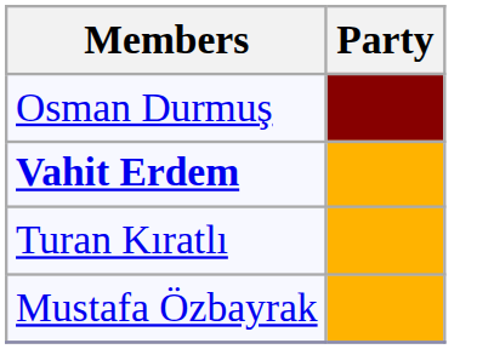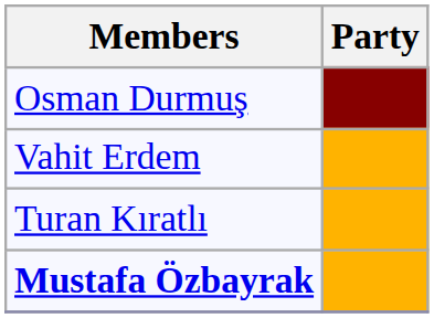 <table class=wikitable style="border:1px solid #8888aa; background-color:#f7f8ff; padding:0px; font-size:90%;">
 <tr>
 <th>Members</th>
 <th colspan="2">Party</th>
 </tr>
 <tr>
 <td><a href='#'>Osman Durmuş</a></td>
 <td style="background: #870000"></td>
 </tr>
 <tr>
-<td><strong><a href='#'>Vahit Erdem</a></strong></td>
+<td><a href='#'>Vahit Erdem</a></td>
 <td style="background: #ffb300"></td>
 </tr>
 <tr>
 <td><a href='#'>Turan Kıratlı</a></td>
 <td style="background: #ffb300"></td>
 </tr>
 <tr>
-<td><a href='#'>Mustafa Özbayrak</a></td>
+<td><strong><a href='#'>Mustafa Özbayrak</a></strong></td>
 <td style="background: #ffb300"></td>
 </tr>
 <tr>
 </tr>
 </table>
